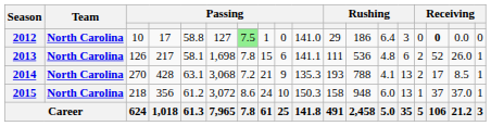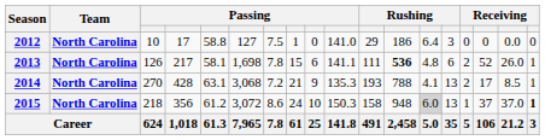 <table class="wikitable" style="text-align:center;">
 <tr>
 <th rowspan="2">Season</th>
 <th rowspan="2">Team</th>
 <th colspan="8">Passing</th>
 <th colspan="4">Rushing</th>
 <th colspan="4">Receiving</th>
 </tr>
 <tr>
 <th></th>
 <th></th>
 <th></th>
 <th></th>
 <th></th>
 <th></th>
 <th></th>
 <th></th>
 <th></th>
 <th></th>
 <th></th>
 <th></th>
 <th></th>
 <th></th>
 <th></th>
 <th></th>
 </tr>
 <tr>
 <th><a href='#'>2012</a></th>
 <th><a href='#'>North Carolina</a></th>
 <td>10</td>
 <td>17</td>
 <td>58.8</td>
 <td>127</td>
-<td style="background: lightgreen;">7.5</td>
+<td>7.5</td>
 <td>1</td>
 <td>0</td>
 <td>141.0</td>
 <td>29</td>
 <td>186</td>
 <td>6.4</td>
 <td>3</td>
 <td>0</td>
-<td><strong>0</strong></td>
+<td>0</td>
 <td>0.0</td>
 <td>0</td>
 </tr>
 <tr>
 <th><a href='#'>2013</a></th>
 <th><a href='#'>North Carolina</a></th>
 <td>126</td>
 <td>217</td>
 <td>58.1</td>
 <td>1,698</td>
 <td>7.8</td>
 <td>15</td>
 <td>6</td>
 <td>141.1</td>
 <td>111</td>
-<td>536</td>
+<td><strong>536</strong></td>
 <td>4.8</td>
 <td>6</td>
 <td>2</td>
 <td>52</td>
 <td>26.0</td>
 <td>1</td>
 </tr>
 <tr>
 <th><a href='#'>2014</a></th>
 <th><a href='#'>North Carolina</a></th>
 <td>270</td>
 <td>428</td>
 <td>63.1</td>
 <td>3,068</td>
 <td>7.2</td>
 <td>21</td>
 <td>9</td>
 <td>135.3</td>
 <td>193</td>
 <td>788</td>
 <td>4.1</td>
 <td>13</td>
 <td>2</td>
 <td>17</td>
 <td>8.5</td>
 <td>1</td>
 </tr>
 <tr>
 <th><a href='#'>2015</a></th>
 <th><a href='#'>North Carolina</a></th>
 <td>218</td>
 <td>356</td>
 <td>61.2</td>
 <td>3,072</td>
 <td>8.6</td>
 <td>24</td>
 <td>10</td>
 <td>150.3</td>
 <td>158</td>
 <td>948</td>
-<td>6.0</td>
+<td style="background: lightgrey;">6.0</td>
 <td>13</td>
 <td>1</td>
 <td>37</td>
 <td>37.0</td>
-<td>1</td>
+<td><strong>1</strong></td>
 </tr>
 <tr>
 <th colspan="2">Career</th>
 <th>624</th>
 <th>1,018</th>
 <th>61.3</th>
 <th>7,965</th>
 <th>7.8</th>
 <th>61</th>
 <th>25</th>
 <th>141.8</th>
 <th>491</th>
 <th>2,458</th>
 <th>5.0</th>
 <th>35</th>
 <th>5</th>
 <th>106</th>
 <th>21.2</th>
 <th>3</th>
 </tr>
 </table>
